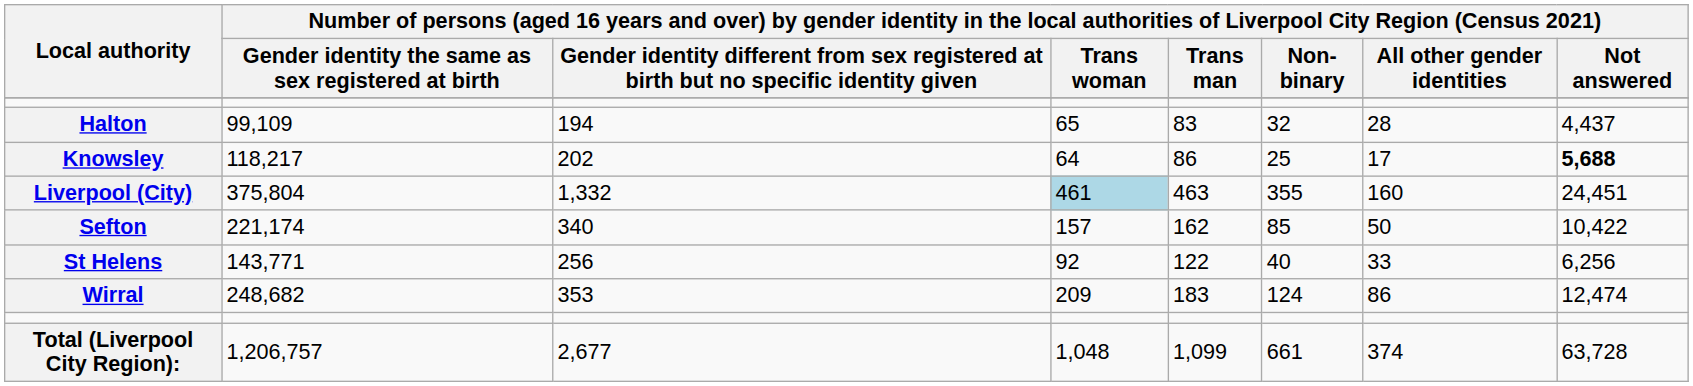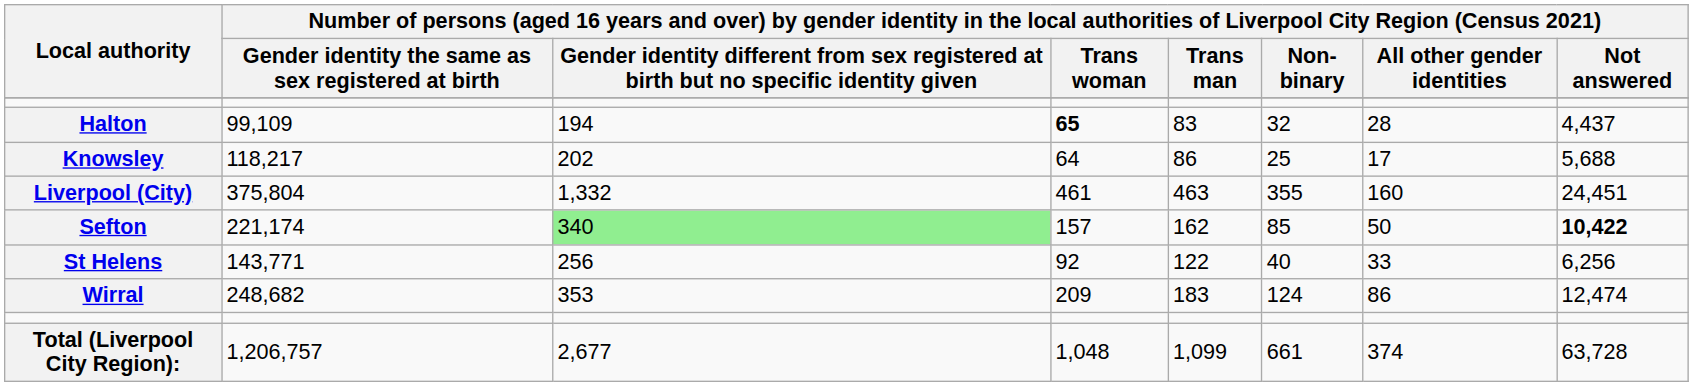 <table class="wikitable sortable">
 <tr>
 <th rowspan="2">Local authority</th>
 <th colspan="9">Number of persons (aged 16 years and over) by gender identity in the local authorities of Liverpool City Region (Census 2021)</th>
 </tr>
 <tr>
 <th colspan="1">Gender identity the same as sex registered at birth</th>
 <th colspan="1">Gender identity different from sex registered at birth but no specific identity given</th>
 <th colspan="1">Trans woman</th>
 <th colspan="1">Trans man</th>
 <th colspan="1">Non-binary</th>
 <th colspan="1">All other gender identities</th>
 <th colspan="1">Not answered</th>
 </tr>
 <tr>
 </tr>
 <tr>
 <td></td>
 <td></td>
 <td></td>
 <td></td>
 <td></td>
 <td></td>
 <td></td>
 <td></td>
 </tr>
 <tr>
 <th><a href='#'>Halton</a></th>
 <td>99,109</td>
 <td>194</td>
-<td>65</td>
+<td><strong>65</strong></td>
 <td>83</td>
 <td>32</td>
 <td>28</td>
 <td>4,437</td>
 </tr>
 <tr>
 <th><a href='#'>Knowsley</a></th>
 <td>118,217</td>
 <td>202</td>
 <td>64</td>
 <td>86</td>
 <td>25</td>
 <td>17</td>
-<td><strong>5,688</strong></td>
+<td>5,688</td>
 </tr>
 <tr>
 <th><a href='#'>Liverpool (City)</a></th>
 <td>375,804</td>
 <td>1,332</td>
-<td style="background: lightblue;">461</td>
+<td>461</td>
 <td>463</td>
 <td>355</td>
 <td>160</td>
 <td>24,451</td>
 </tr>
 <tr>
 <th><a href='#'>Sefton</a></th>
 <td>221,174</td>
-<td>340</td>
+<td style="background: lightgreen;">340</td>
 <td>157</td>
 <td>162</td>
 <td>85</td>
 <td>50</td>
-<td>10,422</td>
+<td><strong>10,422</strong></td>
 </tr>
 <tr>
 <th><a href='#'>St Helens</a></th>
 <td>143,771</td>
 <td>256</td>
 <td>92</td>
 <td>122</td>
 <td>40</td>
 <td>33</td>
 <td>6,256</td>
 </tr>
 <tr>
 <th><a href='#'>Wirral</a></th>
 <td>248,682</td>
 <td>353</td>
 <td>209</td>
 <td>183</td>
 <td>124</td>
 <td>86</td>
 <td>12,474</td>
 </tr>
 <tr>
 <td></td>
 <td></td>
 <td></td>
 <td></td>
 <td></td>
 <td></td>
 <td></td>
 <td></td>
 </tr>
 <tr>
 <th>Total (Liverpool City Region):</th>
 <td>1,206,757</td>
 <td>2,677</td>
 <td>1,048</td>
 <td>1,099</td>
 <td>661</td>
 <td>374</td>
 <td>63,728</td>
 </tr>
 </table>
